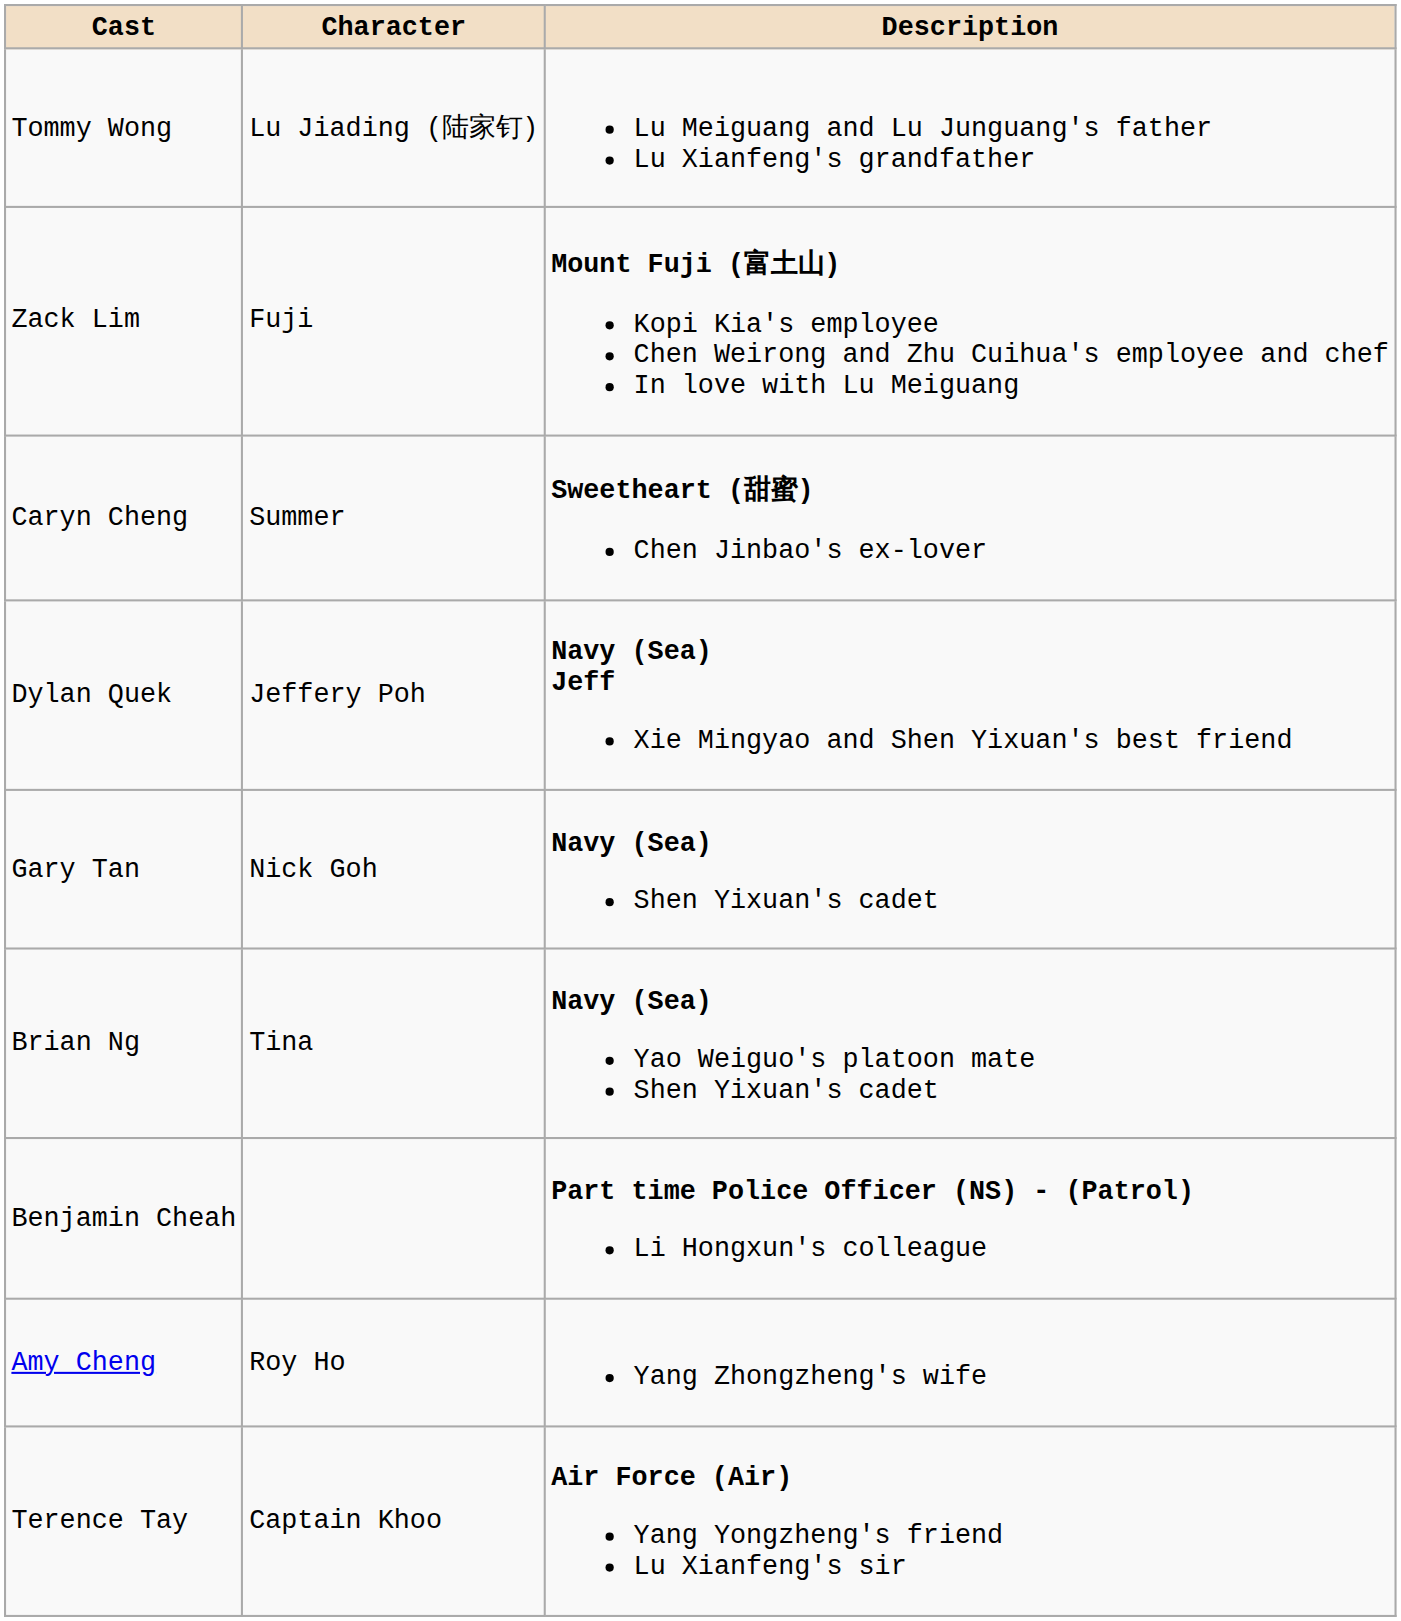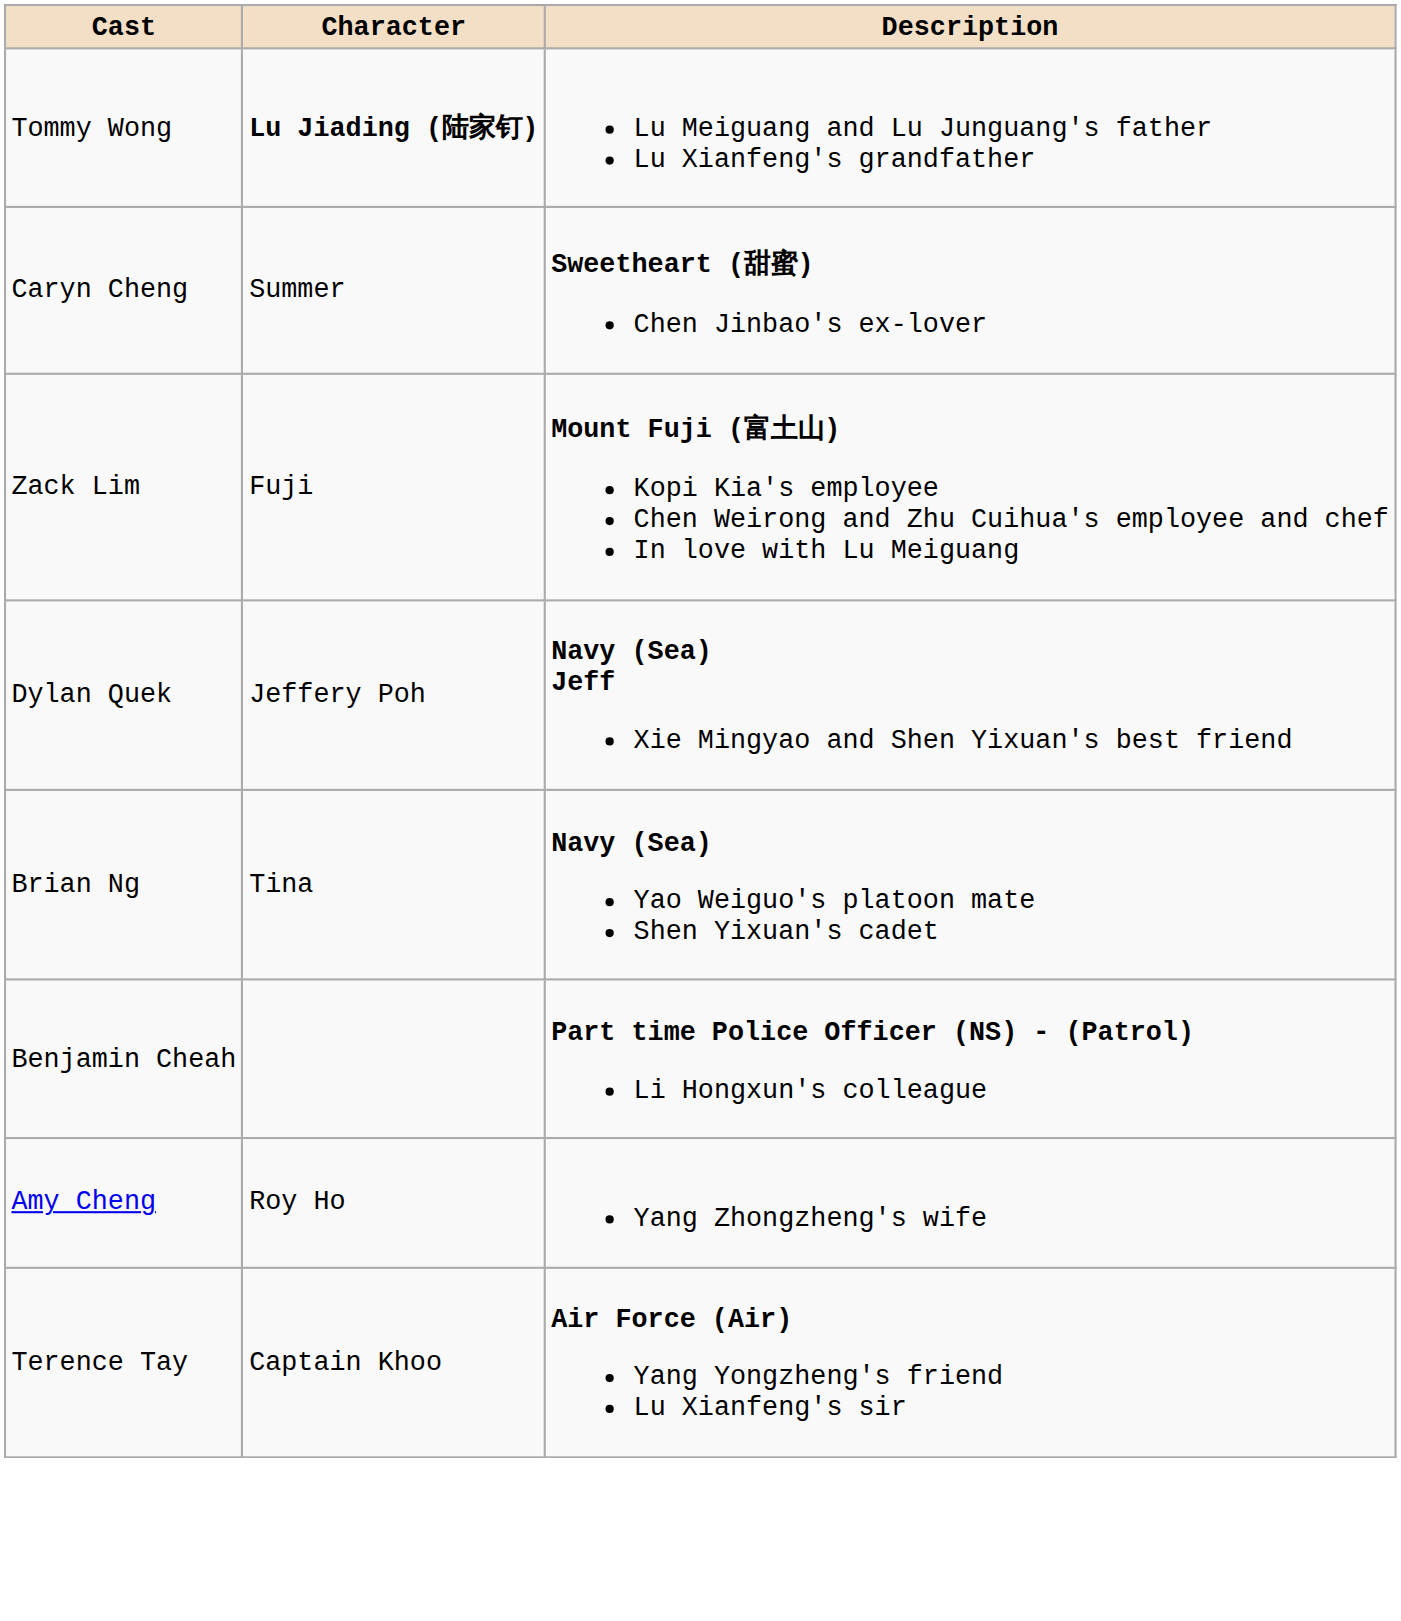 <table class="wikitable">
 <tr>
 <th style="background:#f2dfc6">Cast</th>
 <th style="background:#f2dfc6">Character</th>
 <th style="background:#f2dfc6">Description</th>
 </tr>
 <tr>
 <td>Tommy Wong</td>
-<td>Lu Jiading (陆家钉)</td>
+<td><strong>Lu Jiading (陆家钉)</strong></td>
 <td><br><ul><li>Lu Meiguang and Lu Junguang's father</li><li>Lu Xianfeng's grandfather</li></ul></td>
+</tr>
+<tr>
+<td>Caryn Cheng</td>
+<td>Summer</td>
+<td><br><strong>Sweetheart (甜蜜)</strong><ul><li>Chen Jinbao's ex-lover</li></ul></td>
 </tr>
 <tr>
 <td>Zack Lim</td>
 <td>Fuji</td>
 <td><br><strong>Mount Fuji (富土山)</strong><ul><li>Kopi Kia's employee</li><li>Chen Weirong and Zhu Cuihua's employee and chef</li><li>In love with Lu Meiguang</li></ul></td>
 </tr>
 <tr>
-<td>Caryn Cheng</td>
-<td>Summer</td>
-<td><br><strong>Sweetheart (甜蜜)</strong><ul><li>Chen Jinbao's ex-lover</li></ul></td>
-</tr>
-<tr>
 <td>Dylan Quek</td>
 <td>Jeffery Poh</td>
 <td><br><strong>Navy (Sea)</strong> <br> <strong>Jeff</strong><ul><li>Xie Mingyao and Shen Yixuan's best friend</li></ul></td>
-</tr>
-<tr>
-<td>Gary Tan</td>
-<td>Nick Goh</td>
-<td><br><strong>Navy (Sea)</strong><ul><li>Shen Yixuan's cadet</li></ul></td>
 </tr>
 <tr>
 <td>Brian Ng</td>
 <td>Tina</td>
 <td><br><strong>Navy (Sea)</strong><ul><li>Yao Weiguo's platoon mate</li><li>Shen Yixuan's cadet</li></ul></td>
 </tr>
 <tr>
 <td>Benjamin Cheah</td>
 <td></td>
 <td><br><strong>Part time Police Officer (NS) - (Patrol)</strong><ul><li>Li Hongxun's colleague</li></ul></td>
 </tr>
 <tr>
 <td><a href='#'>Amy Cheng</a></td>
 <td>Roy Ho</td>
 <td><br><ul><li>Yang Zhongzheng's wife</li></ul></td>
 </tr>
 <tr>
 <td>Terence Tay</td>
 <td>Captain Khoo</td>
 <td><br><strong>Air Force (Air)</strong><ul><li>Yang Yongzheng's friend</li><li>Lu Xianfeng's sir</li></ul></td>
 </tr>
 </table>
